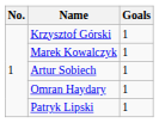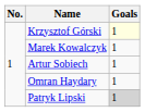 <table class="wikitable" style="display: inline-table;">
 <tr>
 <th>No.</th>
 <th>Name</th>
 <th>Goals</th>
 </tr>
 <tr>
 <td rowspan=5>1</td>
 <td><a href='#'>Krzysztof Górski</a></td>
-<td>1</td>
+<td style="background: lightyellow;">1</td>
 </tr>
 <tr>
 <td><a href='#'>Marek Kowalczyk</a></td>
 <td>1</td>
 </tr>
 <tr>
 <td><a href='#'>Artur Sobiech</a></td>
 <td>1</td>
 </tr>
 <tr>
 <td><a href='#'>Omran Haydary</a></td>
 <td>1</td>
 </tr>
 <tr>
 <td><a href='#'>Patryk Lipski</a></td>
-<td>1</td>
+<td style="background: lightgrey;">1</td>
 </tr>
 </table>
